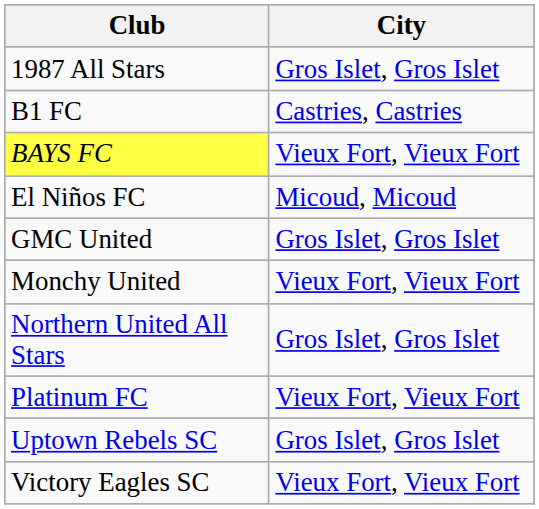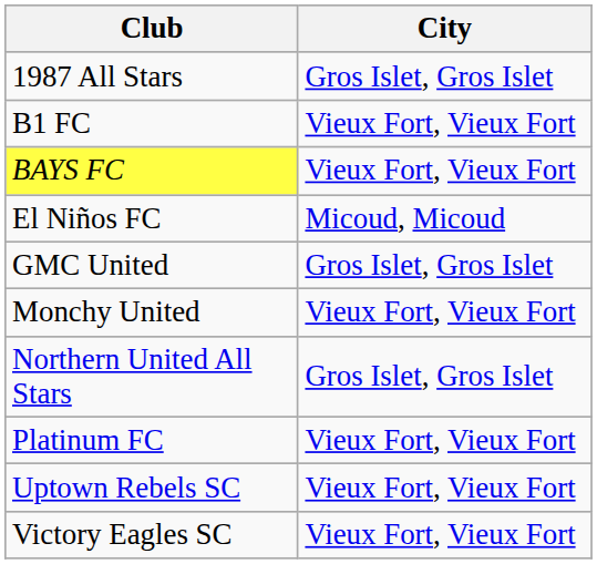 <table class="wikitable sortable">
 <tr>
 <th width="150px">Club</th>
 <th width="150px">City</th>
 </tr>
 <tr>
 <td>1987 All Stars</td>
 <td><a href='#'>Gros Islet</a>, <a href='#'>Gros Islet</a></td>
 </tr>
 <tr>
 <td>B1 FC</td>
-<td><a href='#'>Castries</a>, <a href='#'>Castries</a></td>
+<td><a href='#'>Vieux Fort</a>, <a href='#'>Vieux Fort</a></td>
 </tr>
 <tr>
 <td style="background:#FFFF44"><em>BAYS FC</em></td>
 <td><a href='#'>Vieux Fort</a>, <a href='#'>Vieux Fort</a></td>
 </tr>
 <tr>
 <td>El Niños FC</td>
 <td><a href='#'>Micoud</a>, <a href='#'>Micoud</a></td>
 </tr>
 <tr>
 <td>GMC United</td>
 <td><a href='#'>Gros Islet</a>, <a href='#'>Gros Islet</a></td>
 </tr>
 <tr>
 <td>Monchy United</td>
 <td><a href='#'>Vieux Fort</a>, <a href='#'>Vieux Fort</a></td>
 </tr>
 <tr>
 <td><a href='#'>Northern United All Stars</a></td>
 <td><a href='#'>Gros Islet</a>, <a href='#'>Gros Islet</a></td>
 </tr>
 <tr>
 <td><a href='#'>Platinum FC</a></td>
 <td><a href='#'>Vieux Fort</a>, <a href='#'>Vieux Fort</a></td>
 </tr>
 <tr>
 <td><a href='#'>Uptown Rebels SC</a></td>
-<td><a href='#'>Gros Islet</a>, <a href='#'>Gros Islet</a></td>
+<td><a href='#'>Vieux Fort</a>, <a href='#'>Vieux Fort</a></td>
 </tr>
 <tr>
 <td>Victory Eagles SC</td>
 <td><a href='#'>Vieux Fort</a>, <a href='#'>Vieux Fort</a></td>
 </tr>
 </table>
